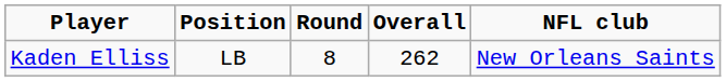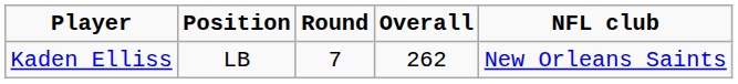 <table class="wikitable" style="text-align:center">
 <tr style="text-align:center; ">
 <td><strong>Player</strong></td>
 <td><strong>Position</strong></td>
 <td><strong>Round</strong></td>
 <td><strong>Overall</strong></td>
 <td><strong>NFL club</strong></td>
 </tr>
 <tr>
 <td><a href='#'>Kaden Elliss</a></td>
 <td>LB</td>
-<td>8</td>
+<td>7</td>
 <td>262</td>
 <td><a href='#'>New Orleans Saints</a></td>
 </tr>
 </table>
